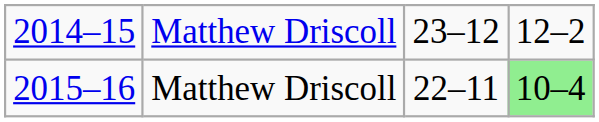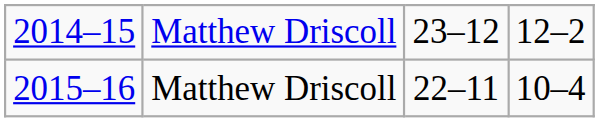 <table class="wikitable">
 <tr align="center">
 <td><a href='#'>2014–15</a></td>
 <td><a href='#'>Matthew Driscoll</a></td>
 <td>23–12</td>
 <td>12–2</td>
 </tr>
 <tr align="center">
 <td><a href='#'>2015–16</a></td>
 <td>Matthew Driscoll</td>
 <td>22–11</td>
-<td style="background: lightgreen;">10–4</td>
+<td>10–4</td>
 </tr>
 </table>
